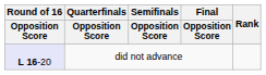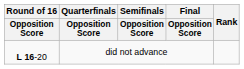 <table class=wikitable style="font-size:90%">
 <tr>
 <th>Round of 16</th>
 <th>Quarterfinals</th>
 <th>Semifinals</th>
 <th>Final</th>
 <th rowspan=2>Rank</th>
 </tr>
 <tr style="font-size:95%">
 <th>Opposition<br>Score</th>
 <th>Opposition<br>Score</th>
 <th>Opposition<br>Score</th>
 <th>Opposition<br>Score</th>
 </tr>
 <tr align=center>
-<td style="background: lavender;"><br><strong>L</strong>  <strong>16</strong>-20</td>
+<td><br><strong>L</strong>  <strong>16</strong>-20</td>
 <td colspan=3>did not advance</td>
 <td></td>
 </tr>
 </table>
